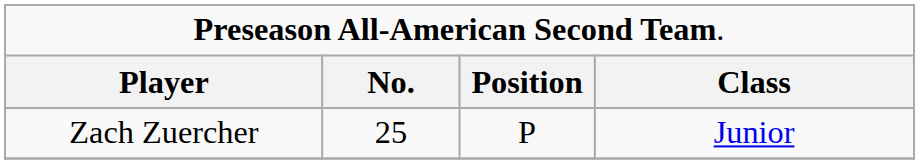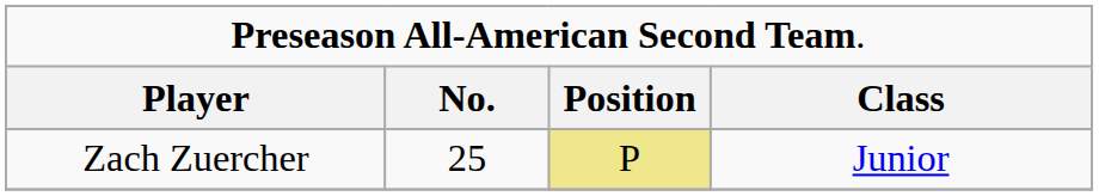 <table class="wikitable" style="text-align:center">
 <tr>
 <td colspan="5"><strong>Preseason All-American Second Team</strong>.</td>
 </tr>
 <tr>
 <th style="width:150px; ">Player</th>
 <th style="width:60px; ">No.</th>
 <th style="width:60px; ">Position</th>
 <th style="width:150px; ">Class</th>
 </tr>
 <tr>
 <td>Zach Zuercher</td>
 <td>25</td>
-<td>P</td>
+<td style="background: khaki;">P</td>
 <td><a href='#'>Junior</a></td>
 </tr>
 <tr>
 </tr>
 </table>
